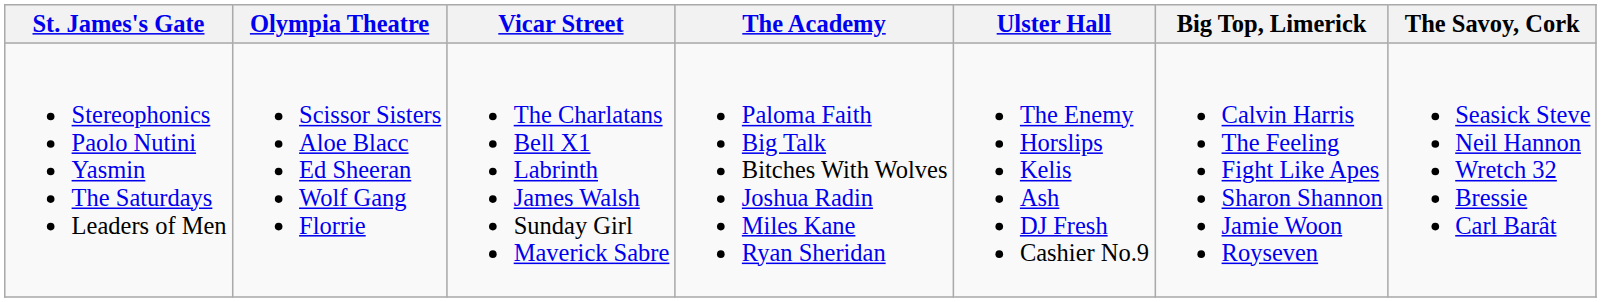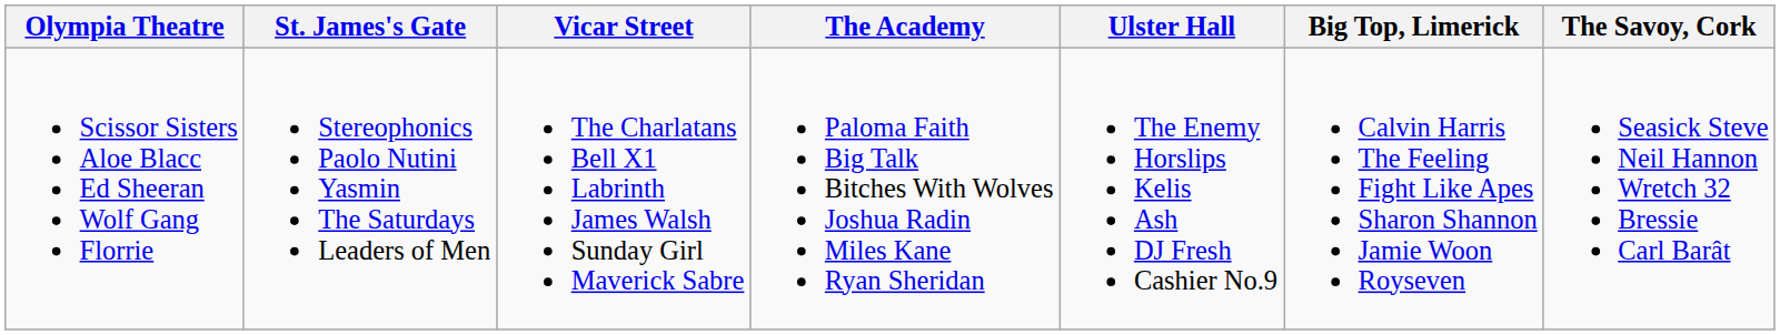 <table class="wikitable">
 <tr>
+<th><a href='#'>Olympia Theatre</a></th>
 <th><a href='#'>St. James's Gate</a></th>
-<th><a href='#'>Olympia Theatre</a></th>
 <th><a href='#'>Vicar Street</a></th>
 <th><a href='#'>The Academy</a></th>
 <th><a href='#'>Ulster Hall</a></th>
 <th>Big Top, Limerick</th>
 <th>The Savoy, Cork</th>
 </tr>
 <tr valign="top">
+<td><br><ul><li><a href='#'>Scissor Sisters</a></li><li><a href='#'>Aloe Blacc</a></li><li><a href='#'>Ed Sheeran</a></li><li><a href='#'>Wolf Gang</a></li><li><a href='#'>Florrie</a></li></ul></td>
 <td><br><ul><li><a href='#'>Stereophonics</a></li><li><a href='#'>Paolo Nutini</a></li><li><a href='#'>Yasmin</a></li><li><a href='#'>The Saturdays</a></li><li>Leaders of Men</li></ul></td>
-<td><br><ul><li><a href='#'>Scissor Sisters</a></li><li><a href='#'>Aloe Blacc</a></li><li><a href='#'>Ed Sheeran</a></li><li><a href='#'>Wolf Gang</a></li><li><a href='#'>Florrie</a></li></ul></td>
 <td><br><ul><li><a href='#'>The Charlatans</a></li><li><a href='#'>Bell X1</a></li><li><a href='#'>Labrinth</a></li><li><a href='#'>James Walsh</a></li><li>Sunday Girl</li><li><a href='#'>Maverick Sabre</a></li></ul></td>
 <td><br><ul><li><a href='#'>Paloma Faith</a></li><li><a href='#'>Big Talk</a></li><li>Bitches With Wolves</li><li><a href='#'>Joshua Radin</a></li><li><a href='#'>Miles Kane</a></li><li><a href='#'>Ryan Sheridan</a></li></ul></td>
 <td><br><ul><li><a href='#'>The Enemy</a></li><li><a href='#'>Horslips</a></li><li><a href='#'>Kelis</a></li><li><a href='#'>Ash</a></li><li><a href='#'>DJ Fresh</a></li><li>Cashier No.9</li></ul></td>
 <td><br><ul><li><a href='#'>Calvin Harris</a></li><li><a href='#'>The Feeling</a></li><li><a href='#'>Fight Like Apes</a></li><li><a href='#'>Sharon Shannon</a></li><li><a href='#'>Jamie Woon</a></li><li><a href='#'>Royseven</a></li></ul></td>
 <td><br><ul><li><a href='#'>Seasick Steve</a></li><li><a href='#'>Neil Hannon</a></li><li><a href='#'>Wretch 32</a></li><li><a href='#'>Bressie</a></li><li><a href='#'>Carl Barât</a></li></ul></td>
 </tr>
 </table>
